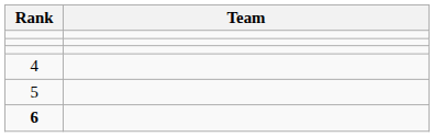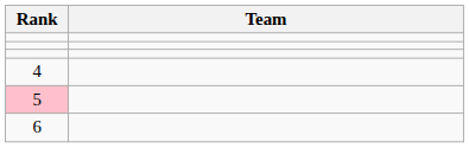 <table class="wikitable" style="text-align: center;">
 <tr>
 <th width=50>Rank</th>
 <th width=350>Team</th>
 </tr>
 <tr>
 <td></td>
 <td align="left"></td>
 </tr>
 <tr>
 <td></td>
 <td align="left"></td>
 </tr>
 <tr>
 <td></td>
 <td align="left"></td>
 </tr>
 <tr>
 <td>4</td>
 <td align="left"></td>
 </tr>
 <tr>
-<td>5</td>
+<td style="background: pink;">5</td>
 <td align="left"></td>
 </tr>
 <tr>
-<td><strong>6</strong></td>
+<td>6</td>
 <td align="left"></td>
 </tr>
 </table>
